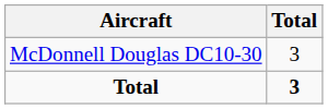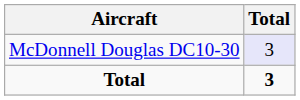 <table class="wikitable" border="1">
 <tr>
 <th>Aircraft</th>
 <th>Total</th>
 </tr>
 <tr>
 <td><a href='#'>McDonnell Douglas DC10-30</a></td>
-<td align="center">3</td>
+<td align="center" style="background: lavender;">3</td>
 </tr>
 <tr>
 <td align="center"><strong>Total</strong></td>
 <td align="center"><strong>3</strong></td>
 </tr>
 </table>
